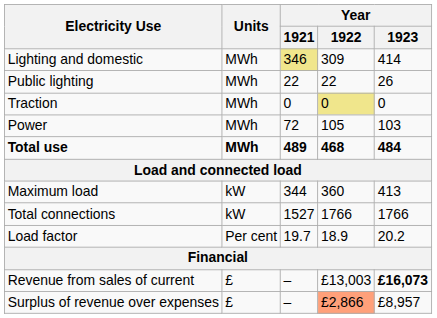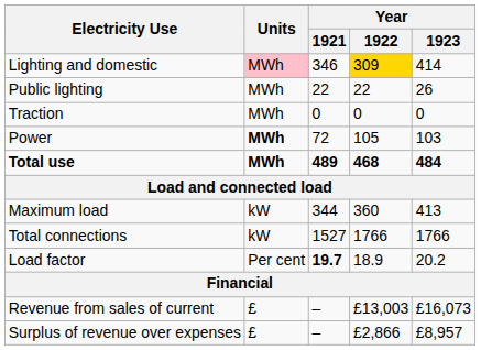 <table class="wikitable">
 <tr>
 <th rowspan="2">Electricity Use</th>
 <th rowspan="2">Units</th>
 <th colspan="3">Year</th>
 </tr>
 <tr>
 <th>1921</th>
 <th>1922</th>
 <th>1923</th>
 </tr>
 <tr>
 <td>Lighting and domestic</td>
-<td>MWh</td>
-<td style="background: khaki;">346</td>
-<td>309</td>
+<td style="background: pink;">MWh</td>
+<td>346</td>
+<td style="background: gold;">309</td>
 <td>414</td>
 </tr>
 <tr>
 <td>Public lighting</td>
 <td>MWh</td>
 <td>22</td>
 <td>22</td>
 <td>26</td>
 </tr>
 <tr>
 <td>Traction</td>
 <td>MWh</td>
 <td>0</td>
-<td style="background: khaki;">0</td>
+<td>0</td>
 <td>0</td>
 </tr>
 <tr>
 <td>Power</td>
-<td>MWh</td>
+<td><strong>MWh</strong></td>
 <td>72</td>
 <td>105</td>
 <td>103</td>
 </tr>
 <tr>
 <td><strong>Total use</strong></td>
 <td><strong>MWh</strong></td>
 <td><strong>489</strong></td>
 <td><strong>468</strong></td>
 <td><strong>484</strong></td>
 </tr>
 <tr>
 <th colspan="5">Load and connected load</th>
 </tr>
 <tr>
 <td>Maximum load</td>
 <td>kW</td>
 <td>344</td>
 <td>360</td>
 <td>413</td>
 </tr>
 <tr>
 <td>Total connections</td>
 <td>kW</td>
 <td>1527</td>
 <td>1766</td>
 <td>1766</td>
 </tr>
 <tr>
 <td>Load factor</td>
 <td>Per cent</td>
-<td>19.7</td>
+<td><strong>19.7</strong></td>
 <td>18.9</td>
 <td>20.2</td>
 </tr>
 <tr>
 <th colspan="5">Financial</th>
 </tr>
 <tr>
 <td>Revenue from sales of current</td>
 <td>£</td>
 <td>–</td>
 <td>£13,003</td>
-<td><strong>£16,073</strong></td>
+<td>£16,073</td>
 </tr>
 <tr>
 <td>Surplus of revenue over expenses</td>
 <td>£</td>
 <td>–</td>
-<td style="background: lightsalmon;">£2,866</td>
+<td>£2,866</td>
 <td>£8,957</td>
 </tr>
 </table>
